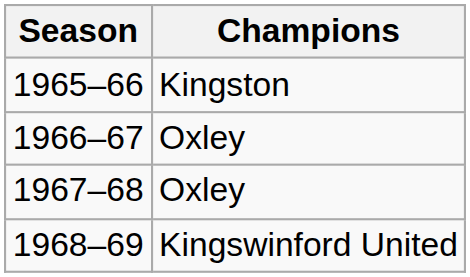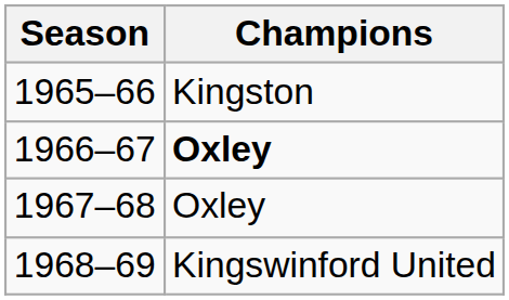 <table class=wikitable>
 <tr>
 <th>Season</th>
 <th>Champions</th>
 </tr>
 <tr>
 <td>1965–66</td>
 <td>Kingston</td>
 </tr>
 <tr>
 <td>1966–67</td>
-<td>Oxley</td>
+<td><strong>Oxley</strong></td>
 </tr>
 <tr>
 <td>1967–68</td>
 <td>Oxley</td>
 </tr>
 <tr>
 <td>1968–69</td>
 <td>Kingswinford United</td>
 </tr>
 </table>
